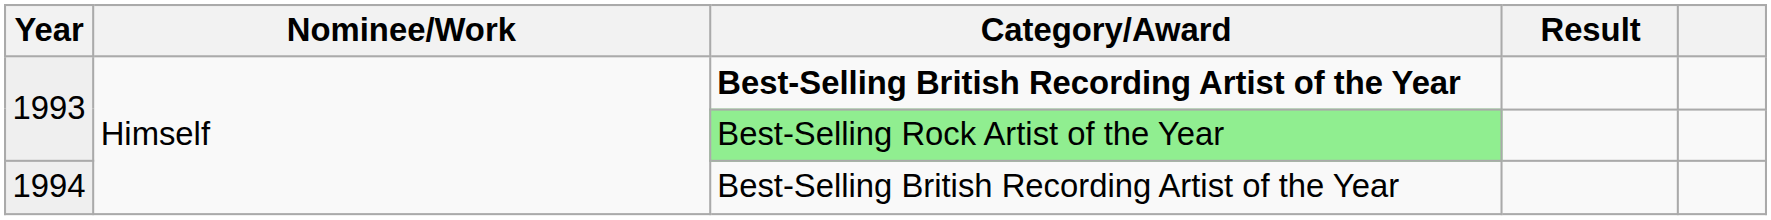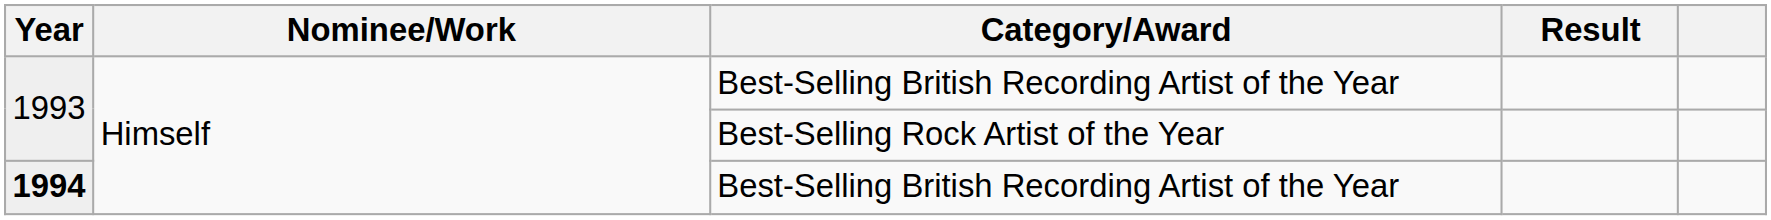 <table class="wikitable">
 <tr>
 <th width=5%>Year</th>
 <th width=35%>Nominee/Work</th>
 <th width=45%>Category/Award</th>
 <th width=10%>Result</th>
 <th width=5%></th>
 </tr>
 <tr>
 <td rowspan="2" bgcolor="#efefef">1993</td>
 <td rowspan="3">Himself</td>
-<td><strong>Best-Selling British Recording Artist of the Year</strong></td>
+<td>Best-Selling British Recording Artist of the Year</td>
 <td></td>
 <td style="text-align:center;"></td>
 </tr>
 <tr>
-<td style="background: lightgreen;">Best-Selling Rock Artist of the Year</td>
+<td>Best-Selling Rock Artist of the Year</td>
 <td></td>
 <td style="text-align:center;"></td>
 </tr>
 <tr>
-<td bgcolor="#efefef">1994</td>
+<td bgcolor="#efefef"><strong>1994</strong></td>
 <td>Best-Selling British Recording Artist of the Year</td>
 <td></td>
 <td style="text-align:center;"></td>
 </tr>
 </table>
